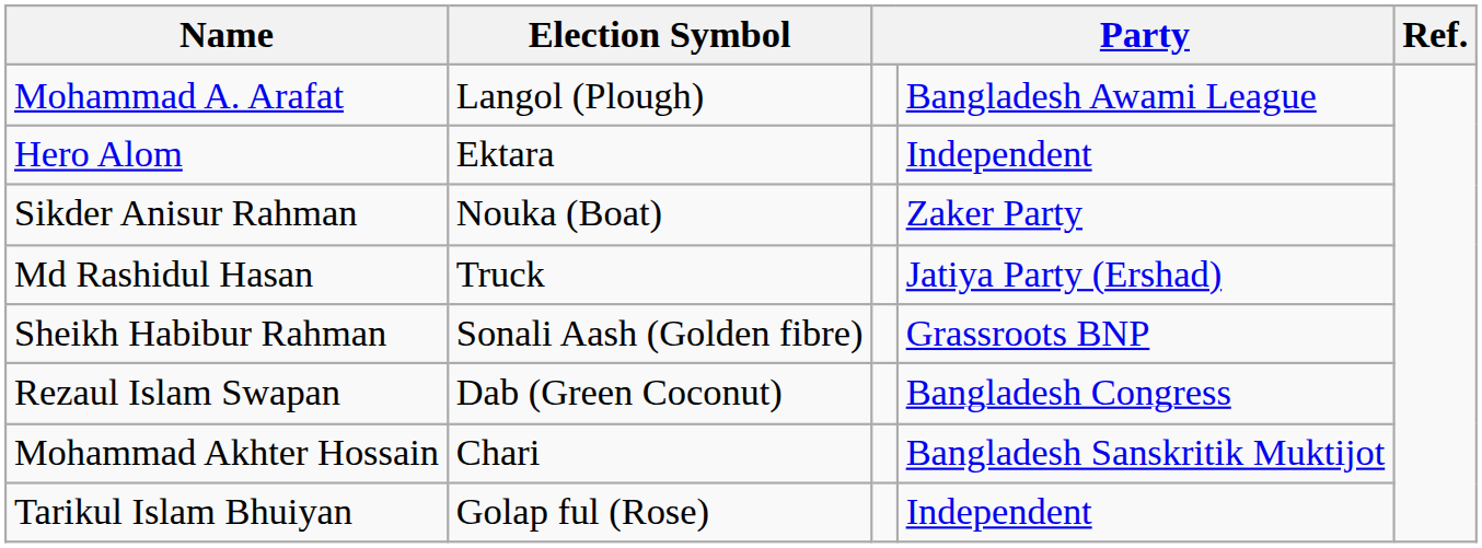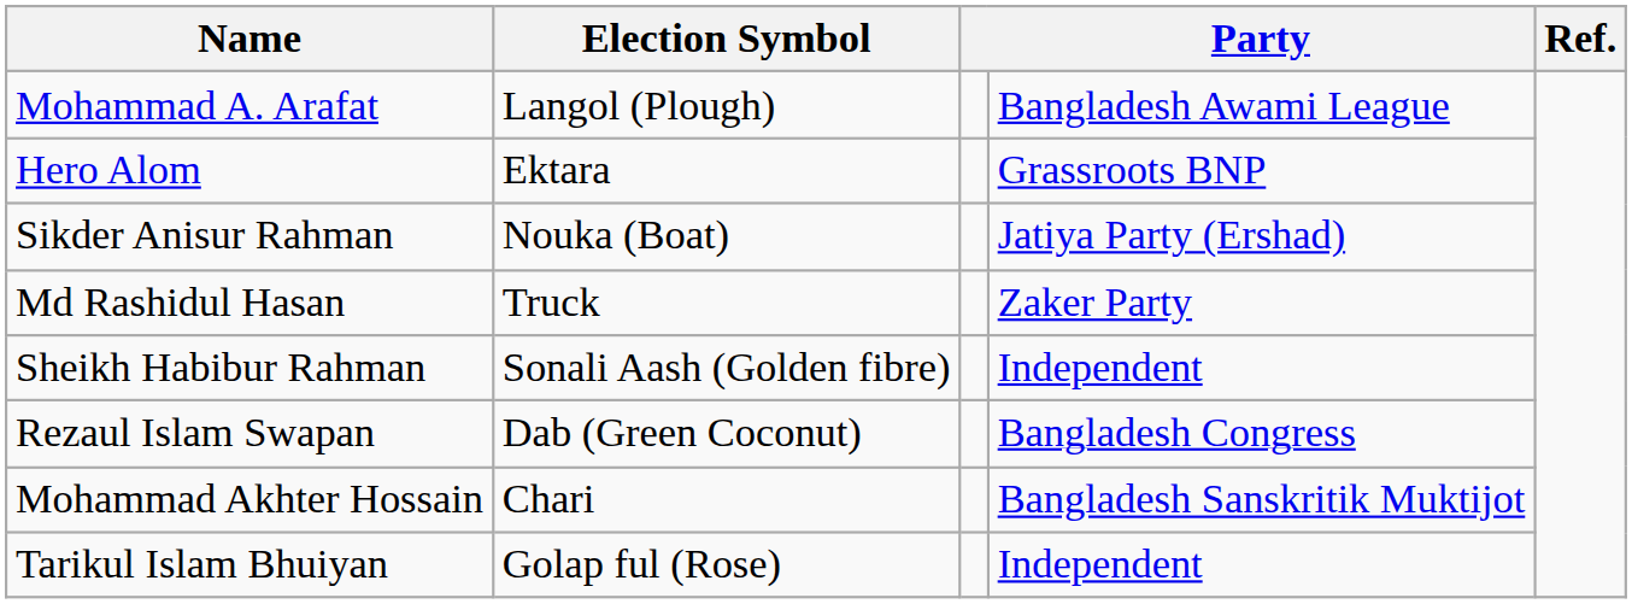 <table class="wikitable">
 <tr>
 <th colspan="1">Name</th>
 <th>Election Symbol</th>
 <th class="unsortable"> </th>
 <th style="border-left-style:hidden; padding:0.1em 0;"><a href='#'>Party</a></th>
 <th>Ref.</th>
 </tr>
 <tr>
 <td><a href='#'>Mohammad A. Arafat</a></td>
 <td>Langol (Plough)</td>
 <td></td>
 <td><a href='#'>Bangladesh Awami League</a></td>
 <td rowspan="8"></td>
 </tr>
 <tr>
 <td><a href='#'>Hero Alom</a></td>
 <td>Ektara</td>
 <td></td>
-<td><a href='#'>Independent</a></td>
+<td><a href='#'>Grassroots BNP</a></td>
 </tr>
 <tr>
 <td>Sikder Anisur Rahman</td>
 <td>Nouka (Boat)</td>
 <td></td>
-<td><a href='#'>Zaker Party</a></td>
+<td><a href='#'>Jatiya Party (Ershad)</a></td>
 </tr>
 <tr>
 <td>Md Rashidul Hasan</td>
 <td>Truck</td>
 <td></td>
-<td><a href='#'>Jatiya Party (Ershad)</a></td>
+<td><a href='#'>Zaker Party</a></td>
 </tr>
 <tr>
 <td>Sheikh Habibur Rahman</td>
 <td>Sonali Aash (Golden fibre)</td>
 <td></td>
-<td><a href='#'>Grassroots BNP</a></td>
+<td><a href='#'>Independent</a></td>
 </tr>
 <tr>
 <td>Rezaul Islam Swapan</td>
 <td>Dab (Green Coconut)</td>
 <td></td>
 <td><a href='#'>Bangladesh Congress</a></td>
 </tr>
 <tr>
 <td>Mohammad Akhter Hossain</td>
 <td>Chari</td>
 <td></td>
 <td><a href='#'>Bangladesh Sanskritik Muktijot</a></td>
 </tr>
 <tr>
 <td>Tarikul Islam Bhuiyan</td>
 <td>Golap ful (Rose)</td>
 <td></td>
 <td><a href='#'>Independent</a></td>
 </tr>
 </table>
